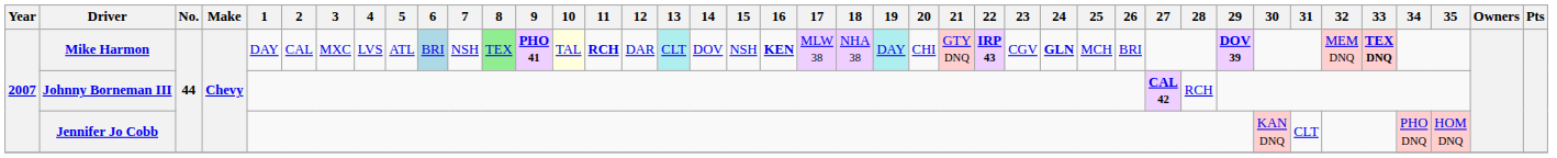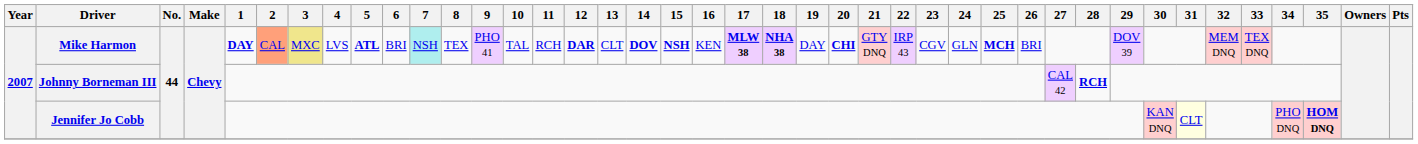 <table class="wikitable" style="text-align:center; font-size:75%">
 <tr>
 <th>Year</th>
 <th>Driver</th>
 <th>No.</th>
 <th>Make</th>
 <th>1</th>
 <th>2</th>
 <th>3</th>
 <th>4</th>
 <th>5</th>
 <th>6</th>
 <th>7</th>
 <th>8</th>
 <th>9</th>
 <th>10</th>
 <th>11</th>
 <th>12</th>
 <th>13</th>
 <th>14</th>
 <th>15</th>
 <th>16</th>
 <th>17</th>
 <th>18</th>
 <th>19</th>
 <th>20</th>
 <th>21</th>
 <th>22</th>
 <th>23</th>
 <th>24</th>
 <th>25</th>
 <th>26</th>
 <th>27</th>
 <th>28</th>
 <th>29</th>
 <th>30</th>
 <th>31</th>
 <th>32</th>
 <th>33</th>
 <th>34</th>
 <th>35</th>
 <th>Owners</th>
 <th>Pts</th>
 </tr>
 <tr>
 <th Rowspan=3><a href='#'>2007</a></th>
 <th><a href='#'>Mike Harmon</a></th>
 <th Rowspan=3>44</th>
 <th Rowspan=3><a href='#'>Chevy</a></th>
+<td><strong><a href='#'>DAY</a></strong></td>
+<td style="background: lightsalmon;"><a href='#'>CAL</a></td>
+<td style="background: khaki;"><a href='#'>MXC</a></td>
+<td><a href='#'>LVS</a></td>
+<td><strong><a href='#'>ATL</a></strong></td>
+<td><a href='#'>BRI</a></td>
+<td style="background: paleturquoise;"><a href='#'>NSH</a></td>
+<td><a href='#'>TEX</a></td>
+<td style="background:#EFCFFF;"><a href='#'>PHO</a><br><small>41</small></td>
+<td><a href='#'>TAL</a></td>
+<td><a href='#'>RCH</a></td>
+<td><strong><a href='#'>DAR</a></strong></td>
+<td><a href='#'>CLT</a></td>
+<td><strong><a href='#'>DOV</a></strong></td>
+<td><strong><a href='#'>NSH</a></strong></td>
+<td><a href='#'>KEN</a></td>
+<td style="background:#EFCFFF;"><strong><a href='#'>MLW</a><br><small>38</small></strong></td>
+<td style="background:#EFCFFF;"><strong><a href='#'>NHA</a><br><small>38</small></strong></td>
 <td><a href='#'>DAY</a></td>
-<td><a href='#'>CAL</a></td>
-<td><a href='#'>MXC</a></td>
-<td><a href='#'>LVS</a></td>
-<td><a href='#'>ATL</a></td>
-<td style="background: lightblue;"><a href='#'>BRI</a></td>
-<td><a href='#'>NSH</a></td>
-<td style="background: lightgreen;"><a href='#'>TEX</a></td>
-<td style="background:#EFCFFF;"><strong><a href='#'>PHO</a><br><small>41</small></strong></td>
-<td style="background: lightyellow;"><a href='#'>TAL</a></td>
-<td><strong><a href='#'>RCH</a></strong></td>
-<td><a href='#'>DAR</a></td>
-<td style="background: paleturquoise;"><a href='#'>CLT</a></td>
-<td><a href='#'>DOV</a></td>
-<td><a href='#'>NSH</a></td>
-<td><strong><a href='#'>KEN</a></strong></td>
-<td style="background:#EFCFFF;"><a href='#'>MLW</a><br><small>38</small></td>
-<td style="background:#EFCFFF;"><a href='#'>NHA</a><br><small>38</small></td>
-<td style="background: paleturquoise;"><a href='#'>DAY</a></td>
-<td><a href='#'>CHI</a></td>
+<td><strong><a href='#'>CHI</a></strong></td>
 <td style="background:#FFCFCF;"><a href='#'>GTY</a><br><small>DNQ</small></td>
-<td style="background:#EFCFFF;"><strong><a href='#'>IRP</a><br><small>43</small></strong></td>
+<td style="background:#EFCFFF;"><a href='#'>IRP</a><br><small>43</small></td>
 <td><a href='#'>CGV</a></td>
-<td><strong><a href='#'>GLN</a></strong></td>
-<td><a href='#'>MCH</a></td>
+<td><a href='#'>GLN</a></td>
+<td><strong><a href='#'>MCH</a></strong></td>
 <td><a href='#'>BRI</a></td>
 <td colspan=2></td>
-<td style="background:#EFCFFF;"><strong><a href='#'>DOV</a><br><small>39</small></strong></td>
+<td style="background:#EFCFFF;"><a href='#'>DOV</a><br><small>39</small></td>
 <td colspan=2></td>
 <td style="background:#FFCFCF;"><a href='#'>MEM</a><br><small>DNQ</small></td>
-<td style="background:#FFCFCF;"><strong><a href='#'>TEX</a><br><small>DNQ</small></strong></td>
+<td style="background:#FFCFCF;"><a href='#'>TEX</a><br><small>DNQ</small></td>
 <td colspan=2></td>
 <th Rowspan=3></th>
 <th Rowspan=3></th>
 </tr>
 <tr>
 <th><a href='#'>Johnny Borneman III</a></th>
 <td colspan=26></td>
-<td style="background:#EFCFFF;"><strong><a href='#'>CAL</a><br><small>42</small></strong></td>
-<td><a href='#'>RCH</a></td>
+<td style="background:#EFCFFF;"><a href='#'>CAL</a><br><small>42</small></td>
+<td><strong><a href='#'>RCH</a></strong></td>
 <td colspan=7></td>
 </tr>
 <tr>
 <th><a href='#'>Jennifer Jo Cobb</a></th>
 <td colspan=29></td>
 <td style="background:#FFCFCF;"><a href='#'>KAN</a><br><small>DNQ</small></td>
-<td><a href='#'>CLT</a></td>
+<td style="background: lightyellow;"><a href='#'>CLT</a></td>
 <td colspan=2></td>
 <td style="background:#FFCFCF;"><a href='#'>PHO</a><br><small>DNQ</small></td>
-<td style="background:#FFCFCF;"><a href='#'>HOM</a><br><small>DNQ</small></td>
+<td style="background:#FFCFCF;"><strong><a href='#'>HOM</a><br><small>DNQ</small></strong></td>
 </tr>
 <tr>
 </tr>
 </table>
